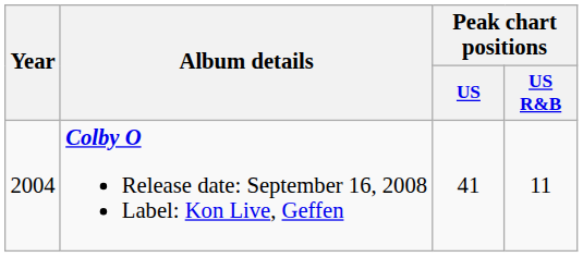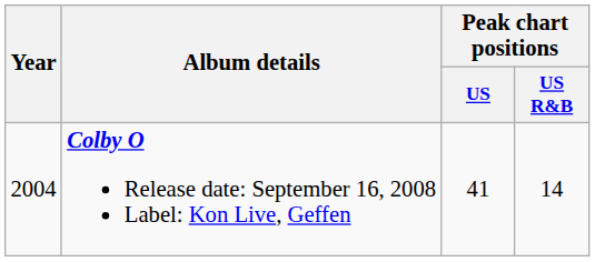 <table class="wikitable" style="text-align:center;">
 <tr>
 <th rowspan="2">Year</th>
 <th rowspan="2">Album details</th>
 <th colspan="2">Peak chart<br>positions</th>
 </tr>
 <tr style="font-size:smaller;">
 <th width="45"><a href='#'>US</a><br></th>
 <th width="45"><a href='#'>US<br>R&B</a><br></th>
 </tr>
 <tr>
 <td>2004</td>
 <td align="left"><strong><em><a href='#'>Colby O</a></em></strong><br><ul><li>Release date: September 16, 2008</li><li>Label: <a href='#'>Kon Live</a>, <a href='#'>Geffen</a></li></ul></td>
 <td>41</td>
-<td>11</td>
+<td>14</td>
 </tr>
 </table>
